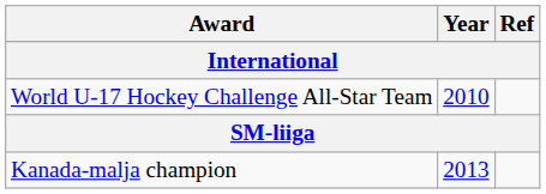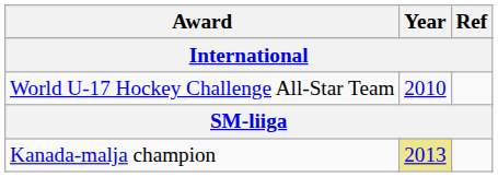 <table class="wikitable">
 <tr>
 <th>Award</th>
 <th>Year</th>
 <th>Ref</th>
 </tr>
 <tr>
 </tr>
 <tr>
 <th colspan="3"><a href='#'>International</a></th>
 </tr>
 <tr>
 <td><a href='#'>World U-17 Hockey Challenge</a> All-Star Team</td>
 <td><a href='#'>2010</a></td>
 <td></td>
 </tr>
 <tr>
 <th colspan="3"><a href='#'>SM-liiga</a></th>
 </tr>
 <tr>
 <td><a href='#'>Kanada-malja</a> champion</td>
-<td><a href='#'>2013</a></td>
+<td style="background: khaki;"><a href='#'>2013</a></td>
 <td></td>
 </tr>
 </table>
